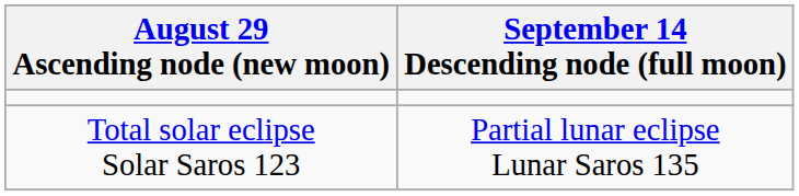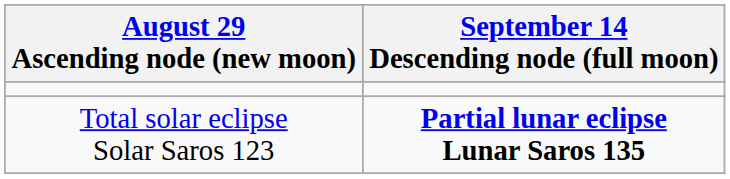 <table class="wikitable">
 <tr>
 <th><a href='#'>August 29</a><br>Ascending node (new moon)<br></th>
 <th><a href='#'>September 14</a><br>Descending node (full moon)<br></th>
 </tr>
 <tr>
 <td></td>
 <td></td>
 </tr>
 <tr align=center>
 <td><a href='#'>Total solar eclipse</a><br>Solar Saros 123</td>
-<td><a href='#'>Partial lunar eclipse</a><br>Lunar Saros 135</td>
+<td><strong><a href='#'>Partial lunar eclipse</a><br>Lunar Saros 135</strong></td>
 </tr>
 </table>
